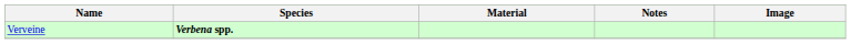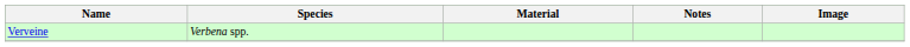 <table class="wikitable" align="center" width="100%" style="background:#D1FFCF;">
 <tr>
 <th>Name</th>
 <th>Species</th>
 <th>Material</th>
 <th>Notes</th>
 <th>Image</th>
 </tr>
 <tr>
 <td><a href='#'>Verveine</a></td>
-<td><strong><em>Verbena</em> spp.</strong></td>
+<td><em>Verbena</em> spp.</td>
 <td></td>
 <td></td>
 <td></td>
 </tr>
 <tr>
 </tr>
 </table>
